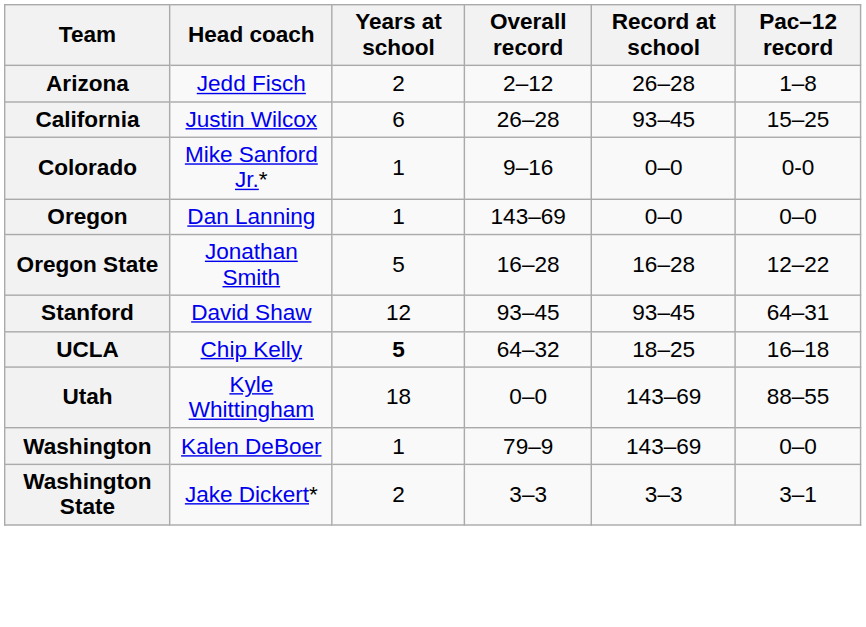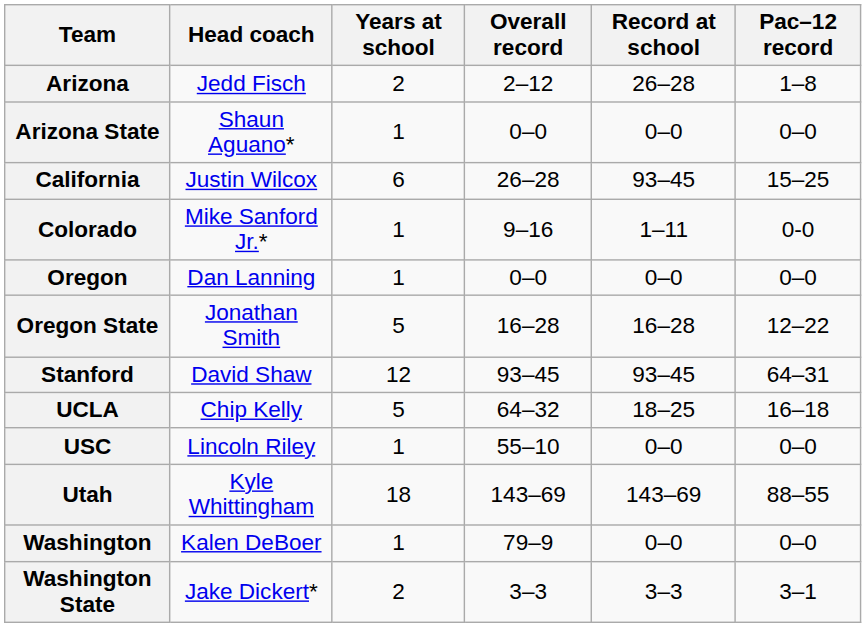 <table class="wikitable sortable" style="text-align: center;">
 <tr>
 <th style="width:110px;">Team</th>
 <th>Head coach</th>
 <th>Years at school</th>
 <th>Overall record</th>
 <th>Record at school</th>
 <th>Pac–12 record</th>
 </tr>
 <tr>
 <th>Arizona</th>
 <td><a href='#'>Jedd Fisch</a></td>
 <td>2</td>
 <td>2–12</td>
 <td>26–28</td>
 <td>1–8</td>
 </tr>
 <tr>
+<th>Arizona State</th>
+<td><a href='#'>Shaun Aguano</a>*</td>
+<td>1</td>
+<td>0–0</td>
+<td>0–0</td>
+<td>0–0</td>
+</tr>
+<tr>
 <th>California</th>
 <td><a href='#'>Justin Wilcox</a></td>
 <td>6</td>
 <td>26–28</td>
 <td>93–45</td>
 <td>15–25</td>
 </tr>
 <tr>
 <th>Colorado</th>
 <td><a href='#'>Mike Sanford Jr.</a>*</td>
 <td>1</td>
 <td>9–16</td>
-<td>0–0</td>
+<td>1–11</td>
 <td>0-0</td>
 </tr>
 <tr>
 <th>Oregon</th>
 <td><a href='#'>Dan Lanning</a></td>
 <td>1</td>
-<td>143–69</td>
+<td>0–0</td>
 <td>0–0</td>
 <td>0–0</td>
 </tr>
 <tr>
 <th>Oregon State</th>
 <td><a href='#'>Jonathan Smith</a></td>
 <td>5</td>
 <td>16–28</td>
 <td>16–28</td>
 <td>12–22</td>
 </tr>
 <tr>
 <th>Stanford</th>
 <td><a href='#'>David Shaw</a></td>
 <td>12</td>
 <td>93–45</td>
 <td>93–45</td>
 <td>64–31</td>
 </tr>
 <tr>
 <th>UCLA</th>
 <td><a href='#'>Chip Kelly</a></td>
-<td><strong>5</strong></td>
+<td>5</td>
 <td>64–32</td>
 <td>18–25</td>
 <td>16–18</td>
 </tr>
 <tr>
+<th>USC</th>
+<td><a href='#'>Lincoln Riley</a></td>
+<td>1</td>
+<td>55–10</td>
+<td>0–0</td>
+<td>0–0</td>
+</tr>
+<tr>
 <th>Utah</th>
 <td><a href='#'>Kyle Whittingham</a></td>
 <td>18</td>
-<td>0–0</td>
+<td>143–69</td>
 <td>143–69</td>
 <td>88–55</td>
 </tr>
 <tr>
 <th>Washington</th>
 <td><a href='#'>Kalen DeBoer</a></td>
 <td>1</td>
 <td>79–9</td>
-<td>143–69</td>
+<td>0–0</td>
 <td>0–0</td>
 </tr>
 <tr>
 <th>Washington State</th>
 <td><a href='#'>Jake Dickert</a>*</td>
 <td>2</td>
 <td>3–3</td>
 <td>3–3</td>
 <td>3–1</td>
 </tr>
 </table>
